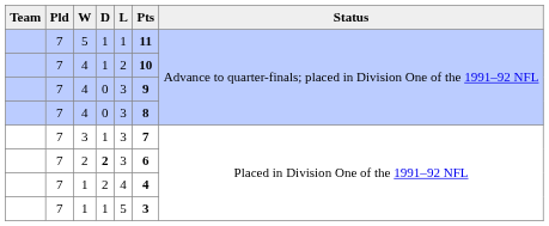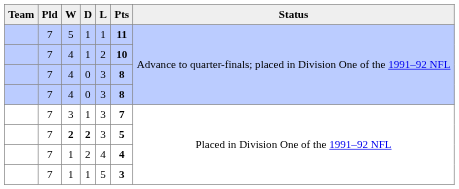 <table style=border-collapse:collapse border=1 cellspacing=0 cellpadding=5>
 <tr align=center bgcolor=#efefef>
 <th>Team</th>
 <th>Pld</th>
 <th>W</th>
 <th>D</th>
 <th>L</th>
 <th>Pts</th>
 <th>Status</th>
 </tr>
 <tr align=center style="background:#bbccff;">
 <td style="text-align:left;"> </td>
 <td>7</td>
 <td>5</td>
 <td>1</td>
 <td>1</td>
 <td><strong>11</strong></td>
 <td rowspan=4>Advance to quarter-finals; placed in Division One of the <a href='#'>1991–92 NFL</a></td>
 </tr>
 <tr align=center style="background:#bbccff;">
 <td style="text-align:left;"> </td>
 <td>7</td>
 <td>4</td>
 <td>1</td>
 <td>2</td>
 <td><strong>10</strong></td>
 </tr>
 <tr align=center style="background:#bbccff;">
 <td style="text-align:left;"> </td>
 <td>7</td>
 <td>4</td>
 <td>0</td>
 <td>3</td>
-<td><strong>9</strong></td>
+<td><strong>8</strong></td>
 </tr>
 <tr align=center style="background:#bbccff;">
 <td style="text-align:left;"> </td>
 <td>7</td>
 <td>4</td>
 <td>0</td>
 <td>3</td>
 <td><strong>8</strong></td>
 </tr>
 <tr align=center style="background:#FFFFFF;">
 <td style="text-align:left;"> </td>
 <td>7</td>
 <td>3</td>
 <td>1</td>
 <td>3</td>
 <td><strong>7</strong></td>
 <td rowspan=4>Placed in Division One of the <a href='#'>1991–92 NFL</a></td>
 </tr>
 <tr align=center style="background:#FFFFFF;">
 <td style="text-align:left;"> </td>
 <td>7</td>
-<td>2</td>
+<td><strong>2</strong></td>
 <td><strong>2</strong></td>
 <td>3</td>
-<td><strong>6</strong></td>
+<td><strong>5</strong></td>
 </tr>
 <tr align=center style="background:#FFFFFF;">
 <td style="text-align:left;"> </td>
 <td>7</td>
 <td>1</td>
 <td>2</td>
 <td>4</td>
 <td><strong>4</strong></td>
 </tr>
 <tr align=center style="background:#FFFFFF;">
 <td style="text-align:left;"> </td>
 <td>7</td>
 <td>1</td>
 <td>1</td>
 <td>5</td>
 <td><strong>3</strong></td>
 </tr>
 </table>
